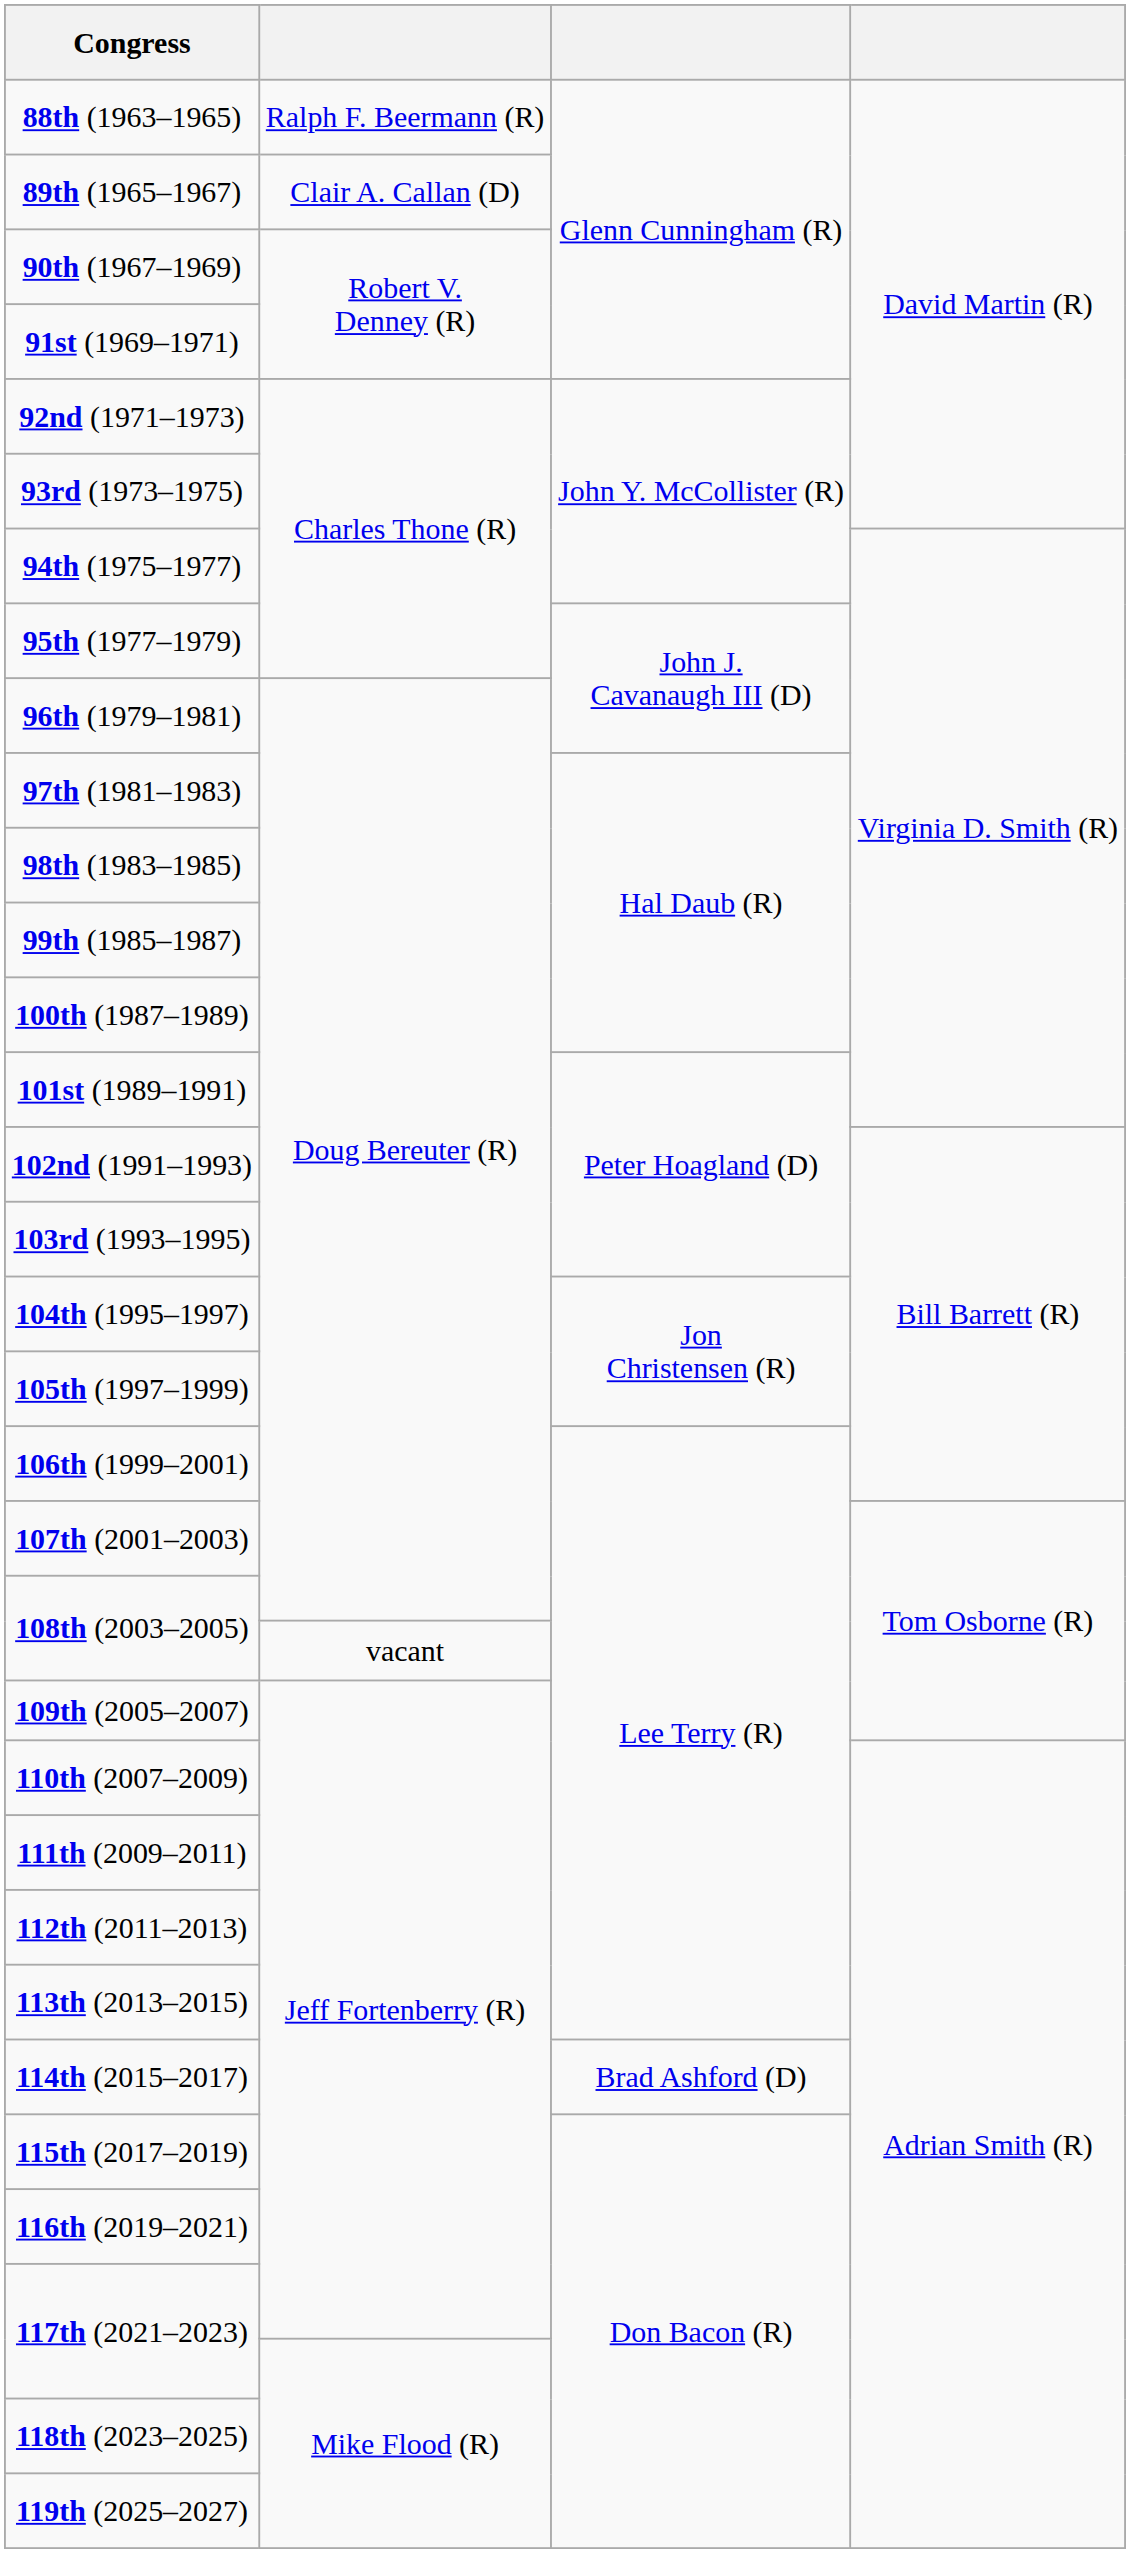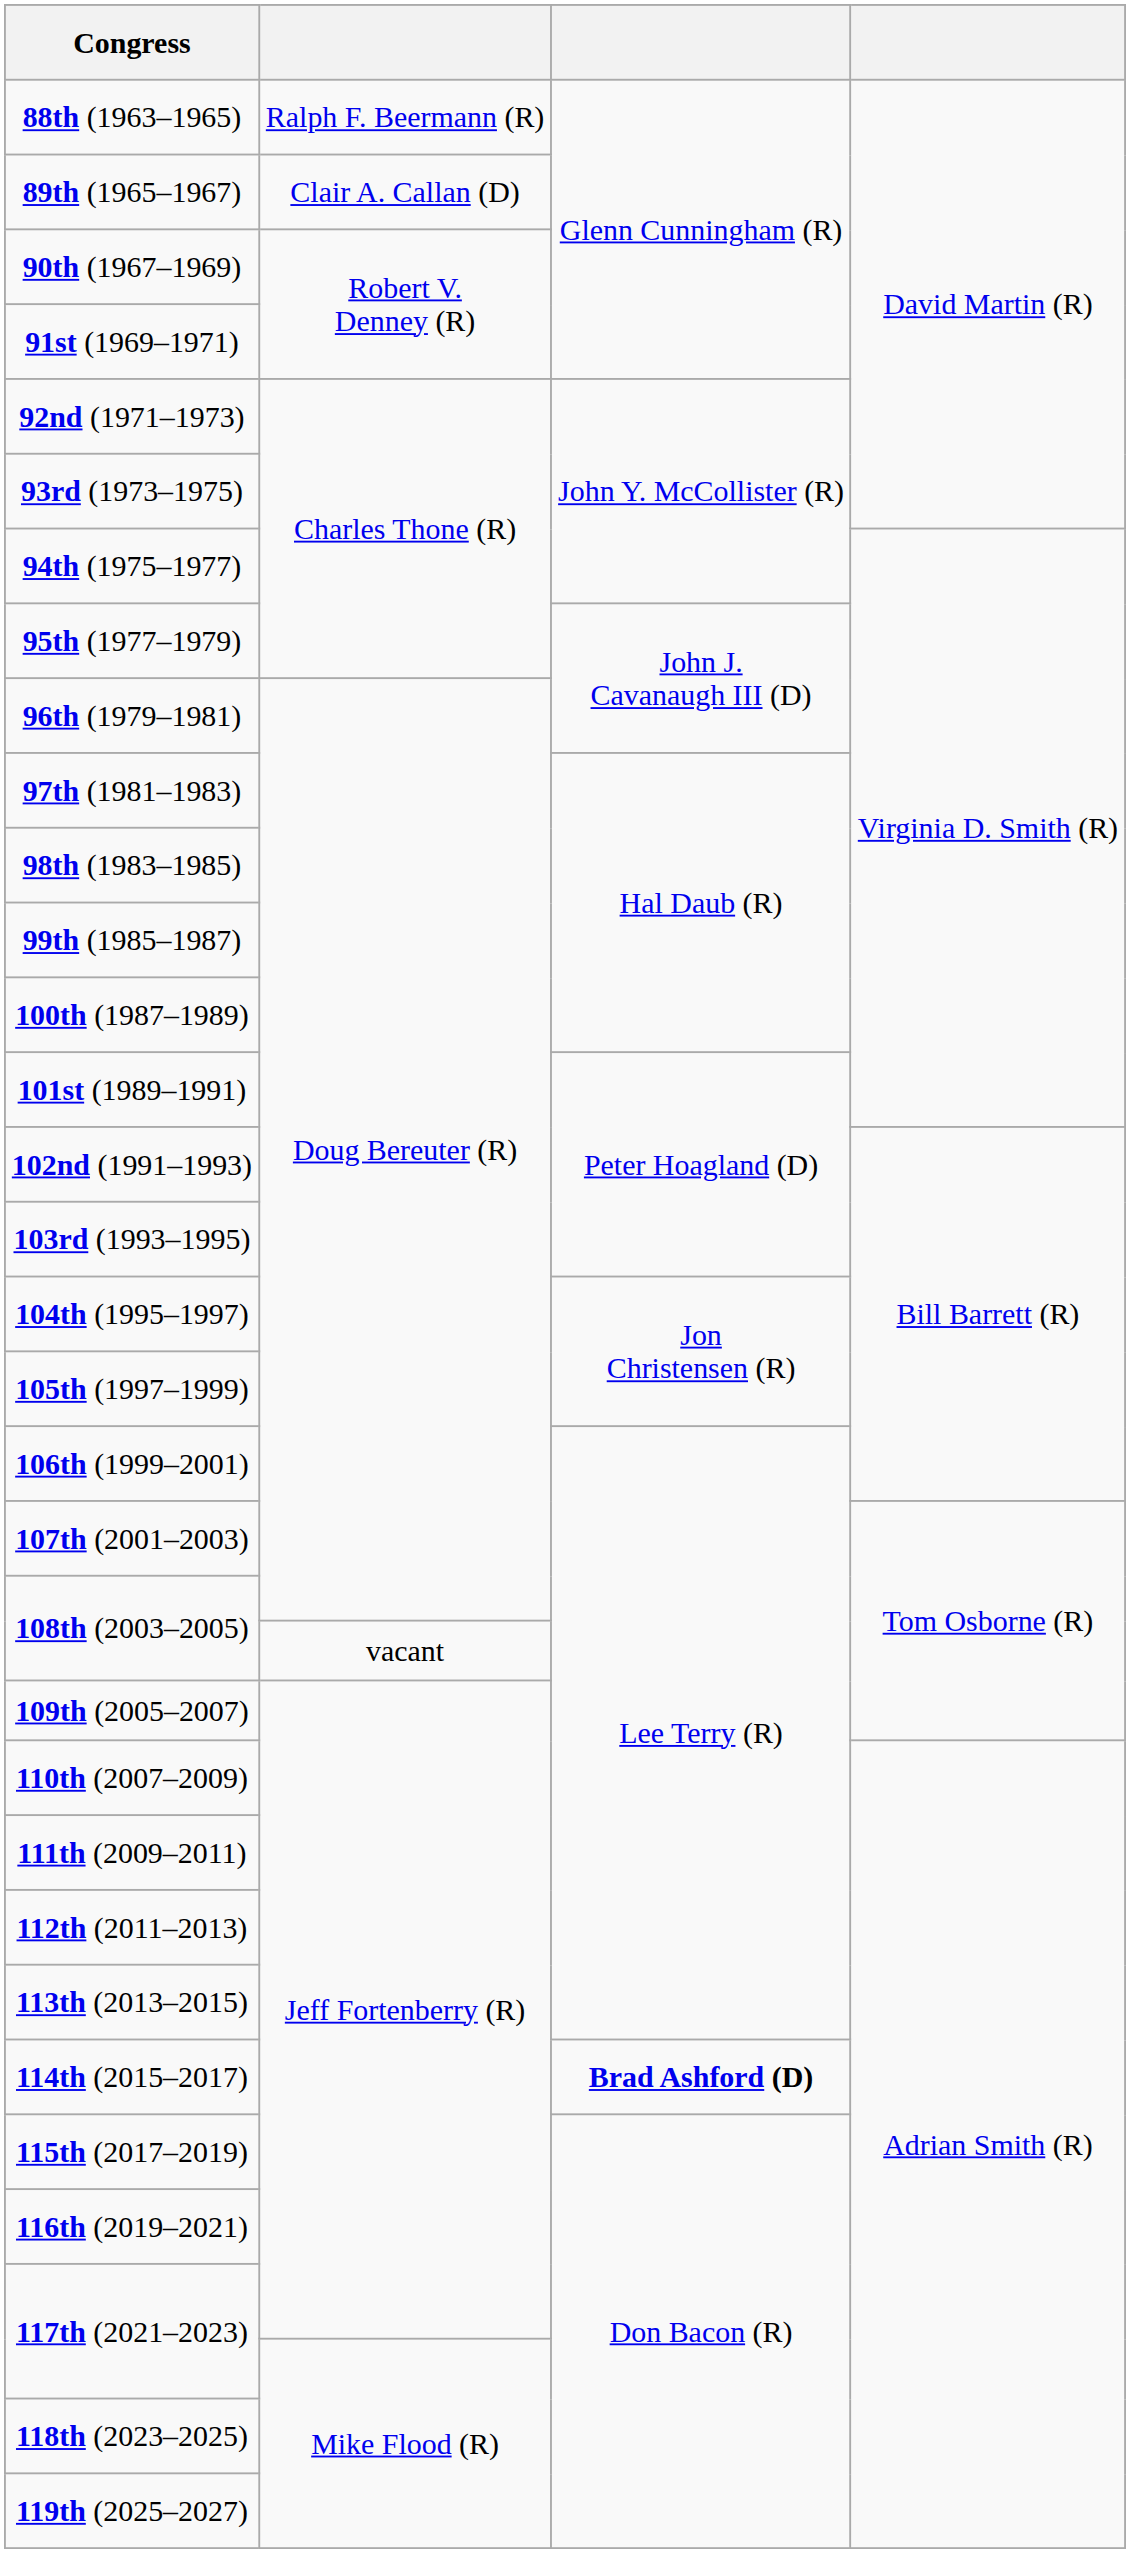 <table class="wikitable sticky-header" style="text-align:center">
 <tr style="height:2.5em">
 <th>Congress</th>
 <th></th>
 <th></th>
 <th></th>
 </tr>
 <tr style="height:2.5em">
 <td><strong><a href='#'>88th</a></strong> (1963–1965)</td>
 <td><a href='#'>Ralph F. Beermann</a> (R)</td>
 <td rowspan=4 ><a href='#'>Glenn Cunningham</a> (R)</td>
 <td rowspan=6 ><a href='#'>David Martin</a> (R)</td>
 </tr>
 <tr style="height:2.5em">
 <td><strong><a href='#'>89th</a></strong> (1965–1967)</td>
 <td><a href='#'>Clair A. Callan</a> (D)</td>
 </tr>
 <tr style="height:2.5em">
 <td><strong><a href='#'>90th</a></strong> (1967–1969)</td>
 <td rowspan=2 ><a href='#'>Robert V.<br>Denney</a> (R)</td>
 </tr>
 <tr style="height:2.5em">
 <td><strong><a href='#'>91st</a></strong> (1969–1971)</td>
 </tr>
 <tr style="height:2.5em">
 <td><strong><a href='#'>92nd</a></strong> (1971–1973)</td>
 <td rowspan=4 ><a href='#'>Charles Thone</a> (R)</td>
 <td rowspan=3 ><a href='#'>John Y. McCollister</a> (R)</td>
 </tr>
 <tr style="height:2.5em">
 <td><strong><a href='#'>93rd</a></strong> (1973–1975)</td>
 </tr>
 <tr style="height:2.5em">
 <td><strong><a href='#'>94th</a></strong> (1975–1977)</td>
 <td rowspan=8 ><a href='#'>Virginia D. Smith</a> (R)</td>
 </tr>
 <tr style="height:2.5em">
 <td><strong><a href='#'>95th</a></strong> (1977–1979)</td>
 <td rowspan=2 ><a href='#'>John J.<br>Cavanaugh III</a> (D)</td>
 </tr>
 <tr style="height:2.5em">
 <td><strong><a href='#'>96th</a></strong> (1979–1981)</td>
 <td rowspan=13 ><a href='#'>Doug Bereuter</a> (R)</td>
 </tr>
 <tr style="height:2.5em">
 <td><strong><a href='#'>97th</a></strong> (1981–1983)</td>
 <td rowspan=4 ><a href='#'>Hal Daub</a> (R)</td>
 </tr>
 <tr style="height:2.5em">
 <td><strong><a href='#'>98th</a></strong> (1983–1985)</td>
 </tr>
 <tr style="height:2.5em">
 <td><strong><a href='#'>99th</a></strong> (1985–1987)</td>
 </tr>
 <tr style="height:2.5em">
 <td><strong><a href='#'>100th</a></strong> (1987–1989)</td>
 </tr>
 <tr style="height:2.5em">
 <td><strong><a href='#'>101st</a></strong> (1989–1991)</td>
 <td rowspan=3 ><a href='#'>Peter Hoagland</a> (D)</td>
 </tr>
 <tr style="height:2.5em">
 <td><strong><a href='#'>102nd</a></strong> (1991–1993)</td>
 <td rowspan=5 ><a href='#'>Bill Barrett</a> (R)</td>
 </tr>
 <tr style="height:2.5em">
 <td><strong><a href='#'>103rd</a></strong> (1993–1995)</td>
 </tr>
 <tr style="height:2.5em">
 <td><strong><a href='#'>104th</a></strong> (1995–1997)</td>
 <td rowspan=2 ><a href='#'>Jon<br>Christensen</a> (R)</td>
 </tr>
 <tr style="height:2.5em">
 <td><strong><a href='#'>105th</a></strong> (1997–1999)</td>
 </tr>
 <tr style="height:2.5em">
 <td><strong><a href='#'>106th</a></strong> (1999–2001)</td>
 <td rowspan=9 ><a href='#'>Lee Terry</a> (R)</td>
 </tr>
 <tr style="height:2.5em">
 <td><strong><a href='#'>107th</a></strong> (2001–2003)</td>
 <td rowspan=4 ><a href='#'>Tom Osborne</a> (R)</td>
 </tr>
 <tr style="height:1.5em">
 <td rowspan=2><strong><a href='#'>108th</a></strong> (2003–2005)</td>
 </tr>
 <tr style="height:2em">
 <td>vacant</td>
 </tr>
 <tr style="height:2em">
 <td><strong><a href='#'>109th</a></strong> (2005–2007)</td>
 <td rowspan=9 ><a href='#'>Jeff Fortenberry</a> (R)</td>
 </tr>
 <tr style="height:2.5em">
 <td><strong><a href='#'>110th</a></strong> (2007–2009)</td>
 <td rowspan=11 ><a href='#'>Adrian Smith</a> (R)</td>
 </tr>
 <tr style="height:2.5em">
 <td><strong><a href='#'>111th</a></strong> (2009–2011)</td>
 </tr>
 <tr style="height:2.5em">
 <td><strong><a href='#'>112th</a></strong> (2011–2013)</td>
 </tr>
 <tr style="height:2.5em">
 <td><strong><a href='#'>113th</a></strong> (2013–2015)</td>
 </tr>
 <tr style="height:2.5em">
 <td><strong><a href='#'>114th</a></strong> (2015–2017)</td>
-<td><a href='#'>Brad Ashford</a> (D)</td>
+<td><strong><a href='#'>Brad Ashford</a> (D)</strong></td>
 </tr>
 <tr style="height:2.5em">
 <td><strong><a href='#'>115th</a></strong> (2017–2019)</td>
 <td rowspan=6 ><a href='#'>Don Bacon</a> (R)</td>
 </tr>
 <tr style="height:2.5em">
 <td><strong><a href='#'>116th</a></strong> (2019–2021)</td>
 </tr>
 <tr style="height:2.5em">
 <td rowspan=2><strong><a href='#'>117th</a></strong> (2021–2023)</td>
 </tr>
 <tr style="height:2em">
 <td rowspan=3 ><a href='#'>Mike Flood</a> (R)</td>
 </tr>
 <tr style="height:2.5em">
 <td><strong><a href='#'>118th</a></strong> (2023–2025)</td>
 </tr>
 <tr style="height:2.5em">
 <td><strong><a href='#'>119th</a></strong> (2025–2027)</td>
 </tr>
 </table>
